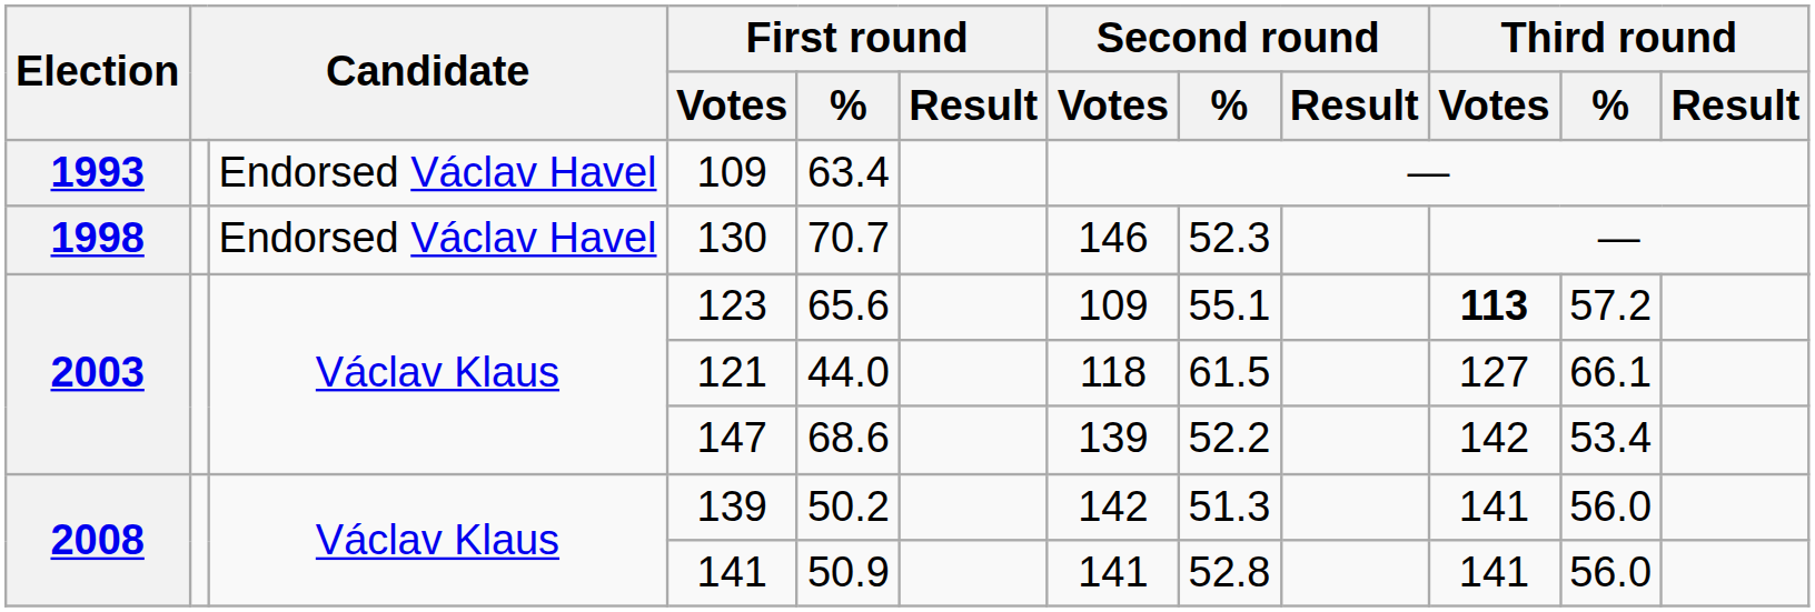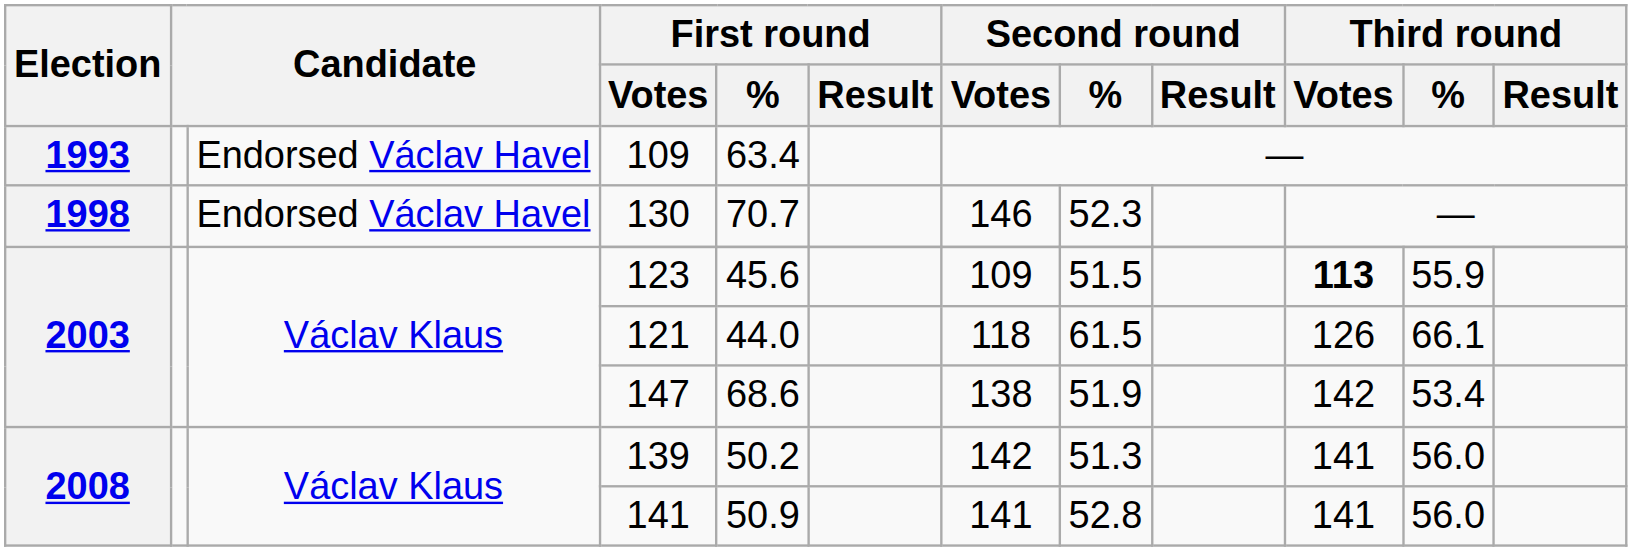 <table class="wikitable" style=text-align:center;">
 <tr>
 <th rowspan=2>Election</th>
 <th rowspan=2 colspan=2>Candidate</th>
 <th colspan=3>First round</th>
 <th colspan=3>Second round</th>
 <th colspan=3>Third round</th>
 </tr>
 <tr>
 <th>Votes</th>
 <th>%</th>
 <th>Result</th>
 <th>Votes</th>
 <th>%</th>
 <th>Result</th>
 <th>Votes</th>
 <th>%</th>
 <th>Result</th>
 </tr>
 <tr>
 <th><a href='#'>1993</a></th>
 <td style="background-color: "></td>
 <td>Endorsed <a href='#'>Václav Havel</a></td>
 <td>109</td>
 <td>63.4</td>
 <td></td>
 <td colspan=6 align=center>—</td>
 </tr>
 <tr>
 <th><a href='#'>1998</a></th>
 <td style="background-color: "></td>
 <td>Endorsed <a href='#'>Václav Havel</a></td>
 <td>130</td>
 <td>70.7</td>
 <td></td>
 <td>146</td>
 <td>52.3</td>
 <td></td>
 <td colspan=3 align=center>—</td>
 </tr>
 <tr>
 <th rowspan=4><a href='#'>2003</a></th>
 <td rowspan=4 style="background-color: "></td>
 <td rowspan=4><a href='#'>Václav Klaus</a></td>
 </tr>
 <tr>
 <td>123</td>
-<td>65.6</td>
+<td>45.6</td>
 <td></td>
 <td>109</td>
-<td>55.1</td>
+<td>51.5</td>
 <td></td>
 <td><strong>113</strong></td>
-<td>57.2</td>
+<td>55.9</td>
 <td></td>
 </tr>
 <tr>
 <td>121</td>
 <td>44.0</td>
 <td></td>
 <td>118</td>
 <td>61.5</td>
 <td></td>
-<td>127</td>
+<td>126</td>
 <td>66.1</td>
 <td></td>
 </tr>
 <tr>
 <td>147</td>
 <td>68.6</td>
 <td></td>
-<td>139</td>
-<td>52.2</td>
+<td>138</td>
+<td>51.9</td>
 <td></td>
 <td>142</td>
 <td>53.4</td>
 <td></td>
 </tr>
 <tr>
 <th rowspan=2><a href='#'>2008</a></th>
 <td rowspan=2; style="background-color: "></td>
 <td rowspan=2><a href='#'>Václav Klaus</a></td>
 <td>139</td>
 <td>50.2</td>
 <td></td>
 <td>142</td>
 <td>51.3</td>
 <td></td>
 <td>141</td>
 <td>56.0</td>
 <td></td>
 </tr>
 <tr>
 <td>141</td>
 <td>50.9</td>
 <td></td>
 <td>141</td>
 <td>52.8</td>
 <td></td>
 <td>141</td>
 <td>56.0</td>
 <td></td>
 </tr>
 </table>
